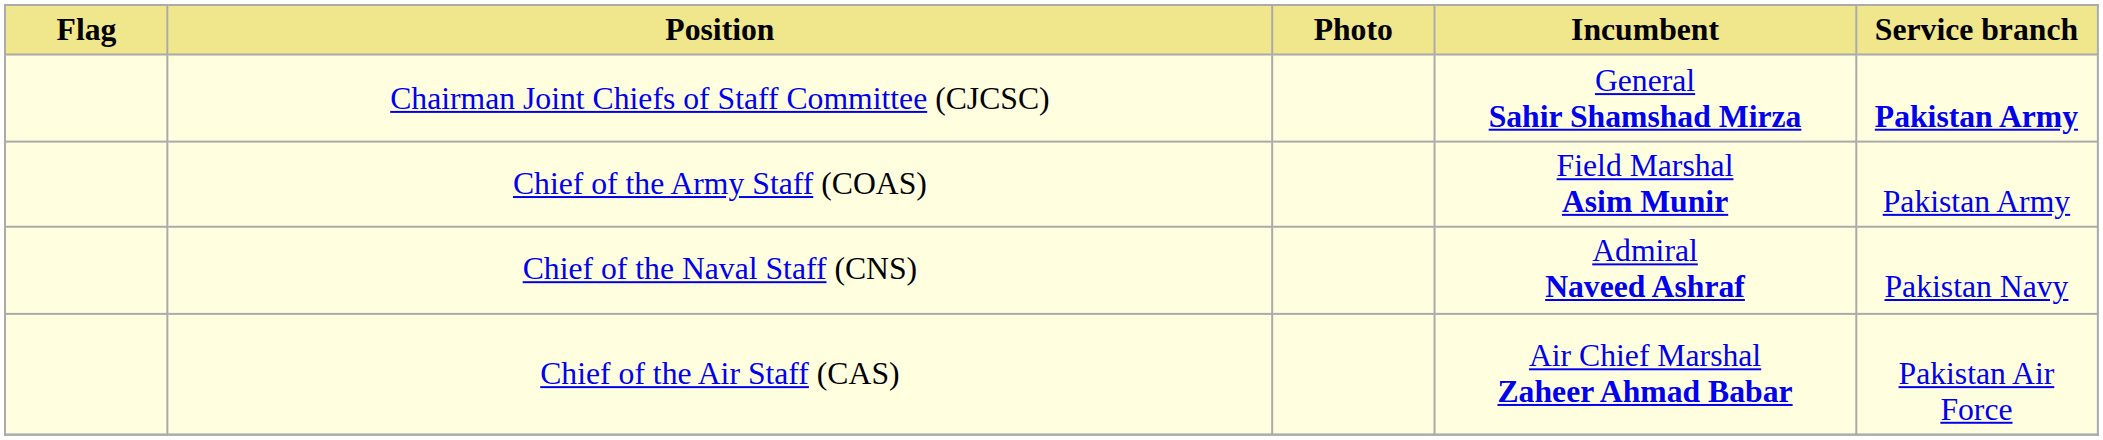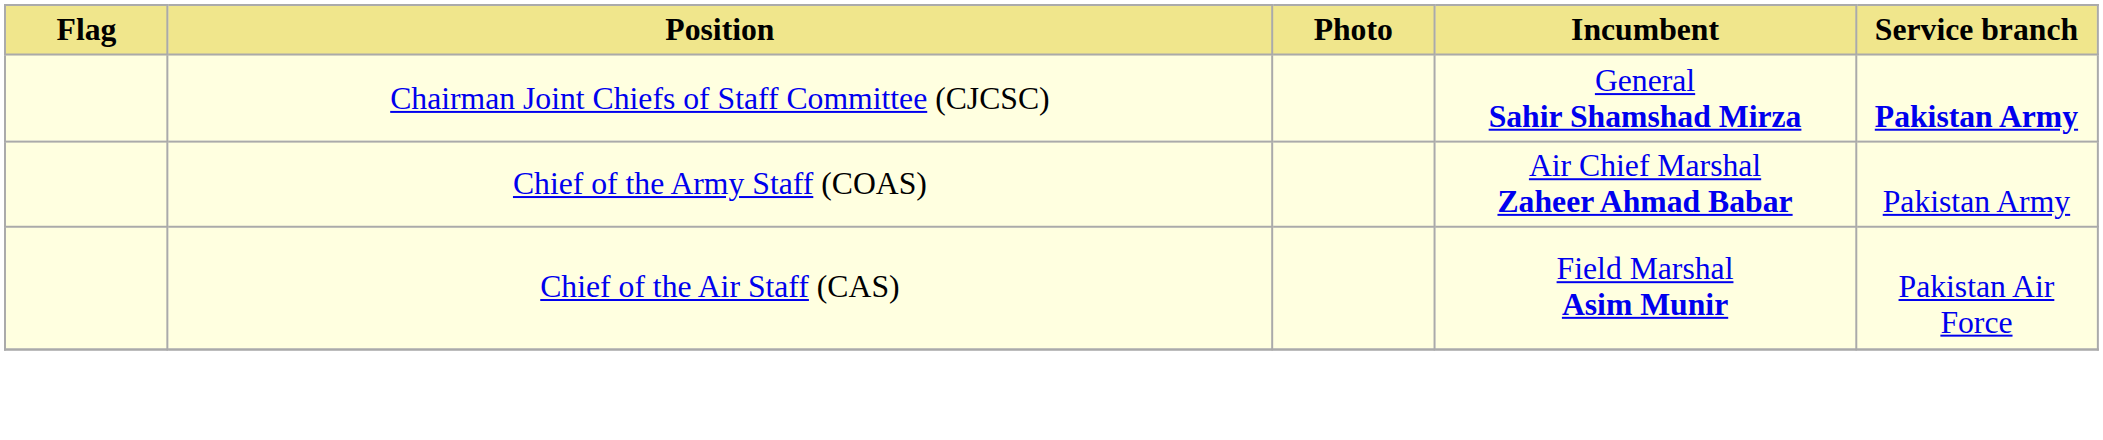 <table class=wikitable>
 <tr>
 <th width="75" align="center" style="background:#F0E68C;">Flag</th>
 <th width="550" align="center" style="background:#F0E68C;">Position</th>
 <th width="75" align="center" style="background:#F0E68C;">Photo</th>
 <th width="205" align="center" style="background:#F0E68C;">Incumbent</th>
 <th width="115" align="center" style="background:#F0E68C;">Service branch</th>
 </tr>
 <tr>
 <td align="center"style="background:#FFFFE0"></td>
 <td align="center"style="background:#FFFFE0"><a href='#'>Chairman Joint Chiefs of Staff Committee</a> (CJCSC)</td>
 <td style="background:#FFFFE0"></td>
 <td align="center"style="background:#FFFFE0"><a href='#'>General</a> <br><strong><a href='#'>Sahir Shamshad Mirza</a></strong> <br></td>
 <td align="center"style="background:#FFFFE0"><strong><br><a href='#'>Pakistan Army</a></strong></td>
 </tr>
 <tr>
 <td align="center"style="background:#FFFFE0"></td>
 <td align="center"style="background:#FFFFE0"><a href='#'>Chief of the Army Staff</a> (COAS)</td>
 <td style="background:#FFFFE0"></td>
-<td align="center"style="background:#FFFFE0"><a href='#'>Field Marshal</a> <br><strong><a href='#'>Asim Munir</a></strong> <br></td>
+<td align="center"style="background:#FFFFE0"><a href='#'>Air Chief Marshal</a> <br><strong><a href='#'>Zaheer Ahmad Babar</a></strong><br></td>
 <td align="center"style="background:#FFFFE0"><br><a href='#'>Pakistan Army</a></td>
-</tr>
-<tr>
-<td align="center"style="background:#FFFFE0"></td>
-<td align="center"style="background:#FFFFE0"><a href='#'>Chief of the Naval Staff</a> (CNS)</td>
-<td style="background:#FFFFE0"></td>
-<td align="center"style="background:#FFFFE0"><a href='#'>Admiral</a> <br><strong><a href='#'>Naveed Ashraf</a></strong><br></td>
-<td align="center"style="background:#FFFFE0"><br><a href='#'>Pakistan Navy</a></td>
 </tr>
 <tr>
 <td align="center"style="background:#FFFFE0"></td>
 <td align="center"style="background:#FFFFE0"><a href='#'>Chief of the Air Staff</a> (CAS)</td>
 <td style="background:#FFFFE0"></td>
-<td align="center"style="background:#FFFFE0"><a href='#'>Air Chief Marshal</a> <br><strong><a href='#'>Zaheer Ahmad Babar</a></strong><br></td>
+<td align="center"style="background:#FFFFE0"><a href='#'>Field Marshal</a> <br><strong><a href='#'>Asim Munir</a></strong> <br></td>
 <td align="center"style="background:#FFFFE0"><br><a href='#'>Pakistan Air Force</a></td>
 </tr>
 <tr>
 </tr>
 </table>
